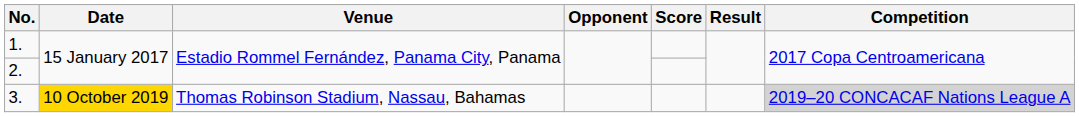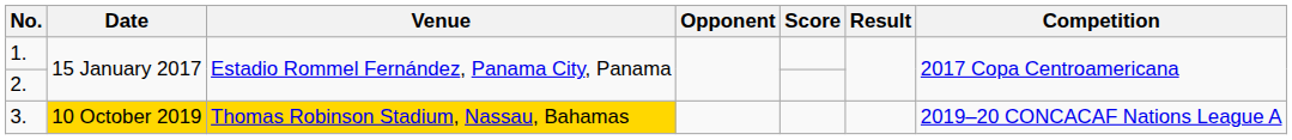 <table class="wikitable">
 <tr>
 <th>No.</th>
 <th>Date</th>
 <th>Venue</th>
 <th>Opponent</th>
 <th>Score</th>
 <th>Result</th>
 <th>Competition</th>
 </tr>
 <tr>
 <td>1.</td>
 <td rowspan="2">15 January 2017</td>
 <td rowspan="2"><a href='#'>Estadio Rommel Fernández</a>, <a href='#'>Panama City</a>, Panama</td>
 <td rowspan="2"></td>
 <td></td>
 <td rowspan="2"></td>
 <td rowspan="2"><a href='#'>2017 Copa Centroamericana</a></td>
 </tr>
 <tr>
 <td>2.</td>
 <td></td>
 </tr>
 <tr>
 <td>3.</td>
 <td style="background: gold;">10 October 2019</td>
-<td><a href='#'>Thomas Robinson Stadium</a>, <a href='#'>Nassau</a>, Bahamas</td>
+<td style="background: gold;"><a href='#'>Thomas Robinson Stadium</a>, <a href='#'>Nassau</a>, Bahamas</td>
 <td></td>
 <td></td>
 <td></td>
-<td style="background: lightgrey;"><a href='#'>2019–20 CONCACAF Nations League A</a></td>
+<td><a href='#'>2019–20 CONCACAF Nations League A</a></td>
 </tr>
 </table>
